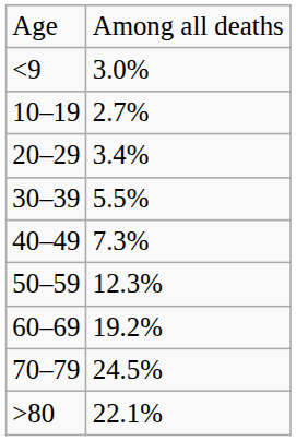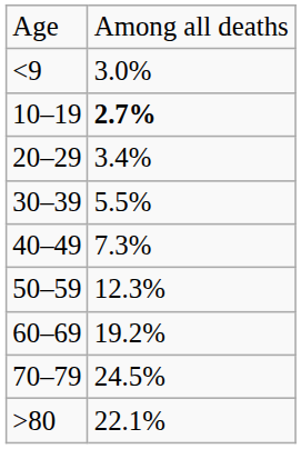 <table class="wikitable sortable plainrowheaders floatright" style="clear:right; margin-left:7px; margin-top:0; margin-right:0; margin-bottom:3px; font-size:100%;">
 <tr>
 <td>Age</td>
 <td>Among all deaths<br></td>
 </tr>
 <tr>
 <td><9</td>
 <td>3.0%</td>
 </tr>
 <tr>
 <td>10–19</td>
-<td>2.7%</td>
+<td><strong>2.7%</strong></td>
 </tr>
 <tr>
 <td>20–29</td>
 <td>3.4%</td>
 </tr>
 <tr>
 <td>30–39</td>
 <td>5.5%</td>
 </tr>
 <tr>
 <td>40–49</td>
 <td>7.3%</td>
 </tr>
 <tr>
 <td>50–59</td>
 <td>12.3%</td>
 </tr>
 <tr>
 <td>60–69</td>
 <td>19.2%</td>
 </tr>
 <tr>
 <td>70–79</td>
 <td>24.5%</td>
 </tr>
 <tr>
 <td>>80</td>
 <td>22.1%</td>
 </tr>
 </table>
